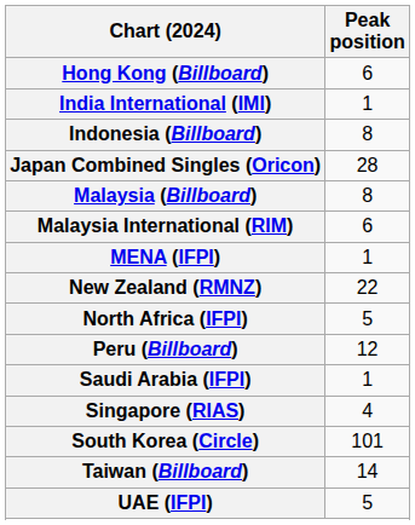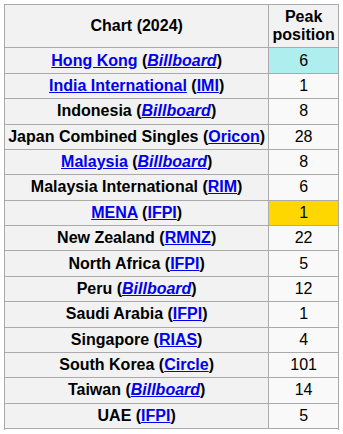 <table class="wikitable plainrowheaders" style="text-align:center">
 <tr>
 <th scope="col">Chart (2024)</th>
 <th scope="col">Peak<br>position</th>
 </tr>
 <tr>
 </tr>
 <tr>
 </tr>
 <tr>
 </tr>
 <tr>
 <th scope="row"><a href='#'>Hong Kong</a> (<em><a href='#'>Billboard</a></em>)</th>
-<td>6</td>
+<td style="background: paleturquoise;">6</td>
 </tr>
 <tr>
 <th scope="row"><a href='#'>India International</a> (<a href='#'>IMI</a>)</th>
 <td>1</td>
 </tr>
 <tr>
 <th scope="row">Indonesia (<em><a href='#'>Billboard</a></em>)</th>
 <td>8</td>
 </tr>
 <tr>
 </tr>
 <tr>
 <th scope="row">Japan Combined Singles (<a href='#'>Oricon</a>)</th>
 <td>28</td>
 </tr>
 <tr>
 <th scope="row"><a href='#'>Malaysia</a> (<em><a href='#'>Billboard</a></em>)</th>
 <td>8</td>
 </tr>
 <tr>
 <th scope="row">Malaysia International (<a href='#'>RIM</a>)</th>
 <td>6</td>
 </tr>
 <tr>
 <th scope="row"><a href='#'>MENA</a> (<a href='#'>IFPI</a>)</th>
-<td>1</td>
+<td style="background: gold;">1</td>
 </tr>
 <tr>
 <th scope="row">New Zealand (<a href='#'>RMNZ</a>)</th>
 <td>22</td>
 </tr>
 <tr>
 <th scope="row">North Africa (<a href='#'>IFPI</a>)</th>
 <td>5</td>
 </tr>
 <tr>
 <th scope="row">Peru (<em><a href='#'>Billboard</a></em>)</th>
 <td>12</td>
 </tr>
 <tr>
 <th scope="row">Saudi Arabia (<a href='#'>IFPI</a>)</th>
 <td>1</td>
 </tr>
 <tr>
 <th scope="row">Singapore (<a href='#'>RIAS</a>)</th>
 <td>4</td>
 </tr>
 <tr>
 <th scope="row">South Korea (<a href='#'>Circle</a>)</th>
 <td>101</td>
 </tr>
 <tr>
 <th scope="row">Taiwan (<em><a href='#'>Billboard</a></em>)</th>
 <td>14</td>
 </tr>
 <tr>
 <th scope="row">UAE (<a href='#'>IFPI</a>)</th>
 <td>5</td>
 </tr>
 <tr>
 </tr>
 <tr>
 </tr>
 </table>
